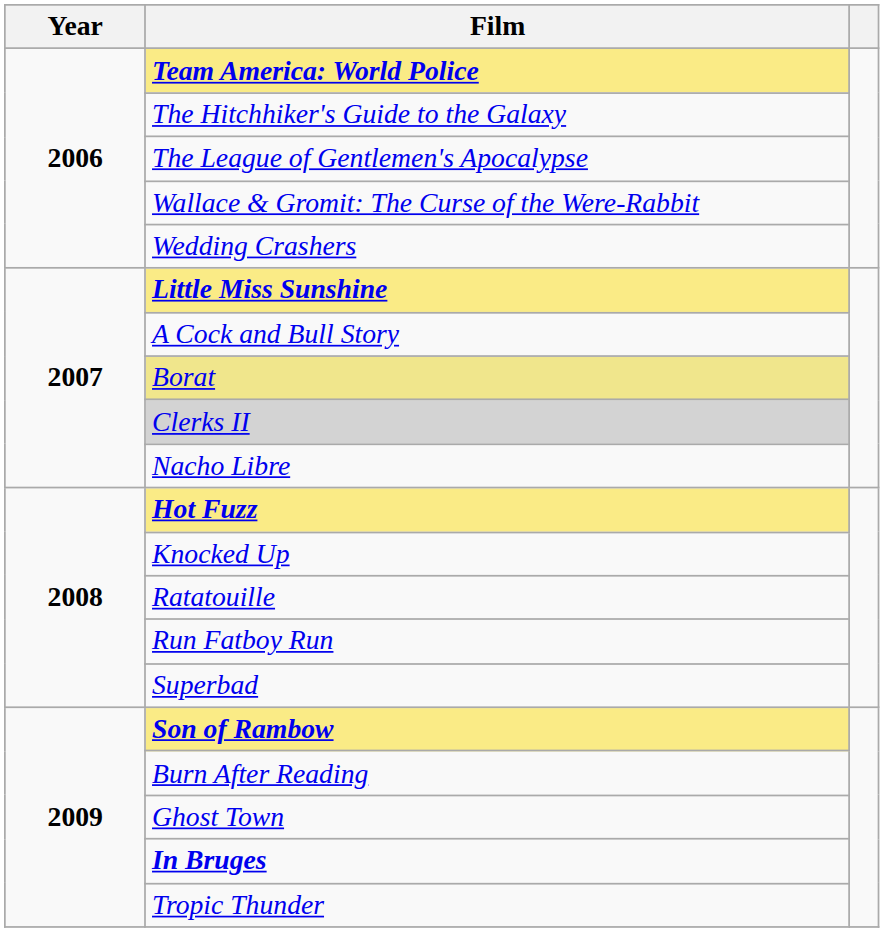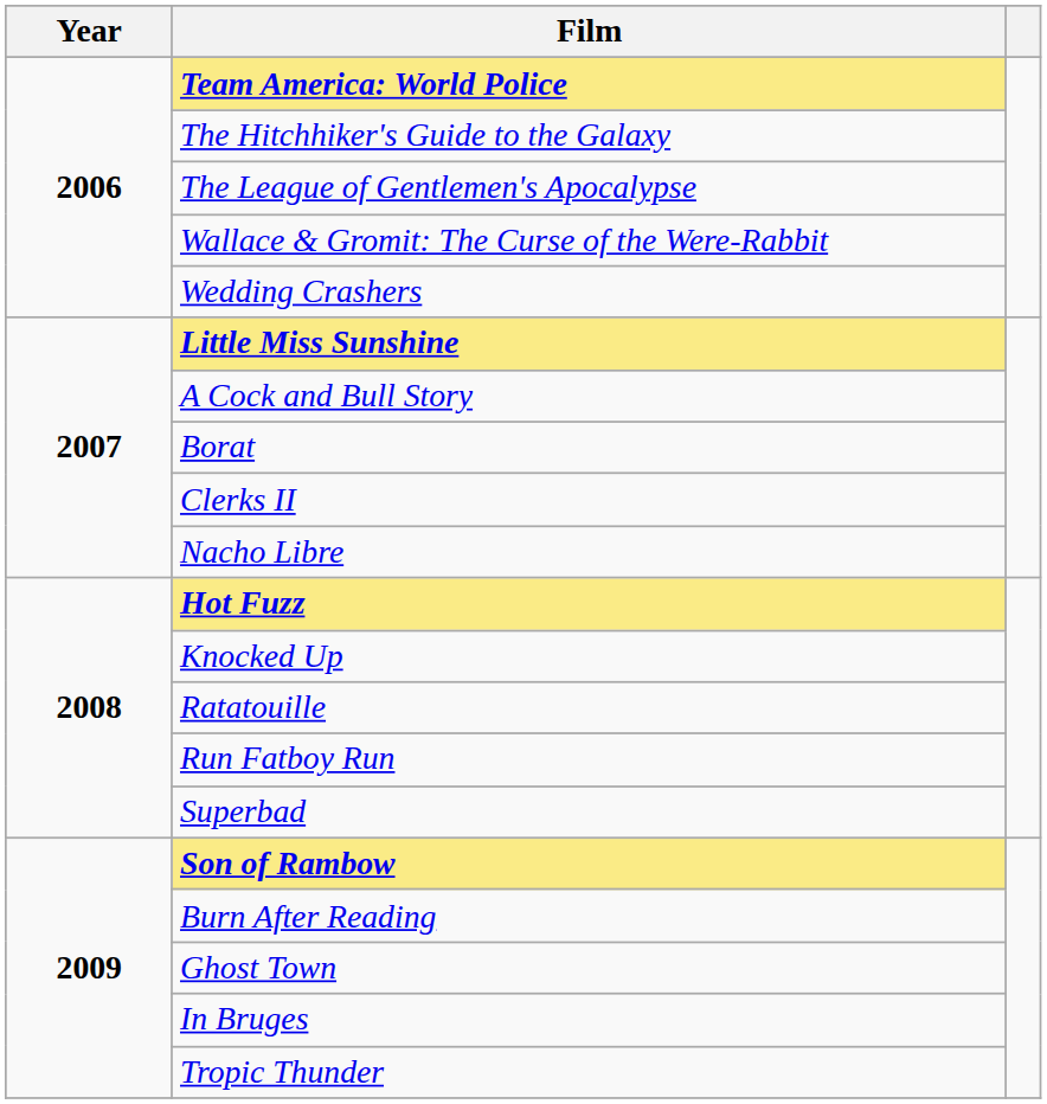 <table class="wikitable" width="40%">
 <tr>
 <th width="10%">Year</th>
 <th width="50%">Film</th>
 <th width="2%"></th>
 </tr>
 <tr>
 <td rowspan="5" style="text-align:center"><strong>2006<br> </strong></td>
 <td style="background:#FAEB86"><strong><em><a href='#'>Team America: World Police</a></em></strong></td>
 <td rowspan="5" style="text-align:center"></td>
 </tr>
 <tr>
 <td><em><a href='#'>The Hitchhiker's Guide to the Galaxy</a></em></td>
 </tr>
 <tr>
 <td><em><a href='#'>The League of Gentlemen's Apocalypse</a></em></td>
 </tr>
 <tr>
 <td><em><a href='#'>Wallace & Gromit: The Curse of the Were-Rabbit</a></em></td>
 </tr>
 <tr>
 <td><em><a href='#'>Wedding Crashers</a></em></td>
 </tr>
 <tr>
 <td rowspan="5" style="text-align:center"><strong>2007<br> </strong></td>
 <td style="background:#FAEB86"><strong><em><a href='#'>Little Miss Sunshine</a></em></strong></td>
 <td rowspan="5" style="text-align:center"></td>
 </tr>
 <tr>
 <td><em><a href='#'>A Cock and Bull Story</a></em></td>
 </tr>
 <tr>
-<td style="background: khaki;"><em><a href='#'>Borat</a></em></td>
+<td><em><a href='#'>Borat</a></em></td>
 </tr>
 <tr>
-<td style="background: lightgrey;"><em><a href='#'>Clerks II</a></em></td>
+<td><em><a href='#'>Clerks II</a></em></td>
 </tr>
 <tr>
 <td><em><a href='#'>Nacho Libre</a></em></td>
 </tr>
 <tr>
 <td rowspan="5" style="text-align:center"><strong>2008<br> </strong></td>
 <td style="background:#FAEB86"><strong><em><a href='#'>Hot Fuzz</a></em></strong></td>
 <td rowspan="5" style="text-align:center"></td>
 </tr>
 <tr>
 <td><em><a href='#'>Knocked Up</a></em></td>
 </tr>
 <tr>
 <td><em><a href='#'>Ratatouille</a></em></td>
 </tr>
 <tr>
 <td><em><a href='#'>Run Fatboy Run</a></em></td>
 </tr>
 <tr>
 <td><em><a href='#'>Superbad</a></em></td>
 </tr>
 <tr>
 <td rowspan="5" style="text-align:center"><strong>2009<br> </strong></td>
 <td style="background:#FAEB86"><strong><em><a href='#'>Son of Rambow</a></em></strong></td>
 <td rowspan="5" style="text-align:center"></td>
 </tr>
 <tr>
 <td><em><a href='#'>Burn After Reading</a></em></td>
 </tr>
 <tr>
 <td><em><a href='#'>Ghost Town</a></em></td>
 </tr>
 <tr>
-<td><strong><em><a href='#'>In Bruges</a></em></strong></td>
+<td><em><a href='#'>In Bruges</a></em></td>
 </tr>
 <tr>
 <td><em><a href='#'>Tropic Thunder</a></em></td>
 </tr>
 </table>
